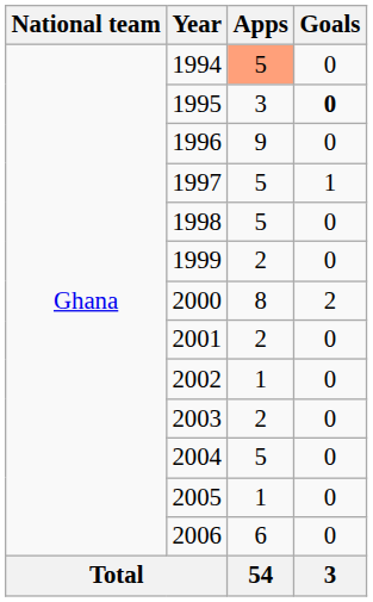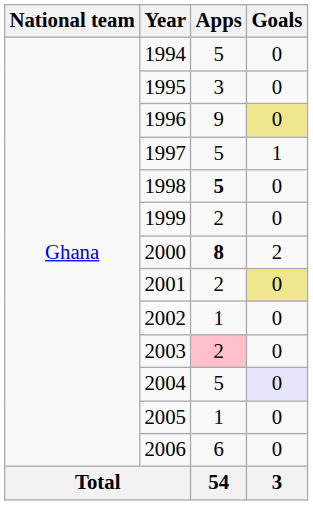 <table class="wikitable" style="text-align:center">
 <tr>
 <th>National team</th>
 <th>Year</th>
 <th>Apps</th>
 <th>Goals</th>
 </tr>
 <tr>
 <td rowspan="13"><a href='#'>Ghana</a></td>
 <td>1994</td>
-<td style="background: lightsalmon;">5</td>
+<td>5</td>
 <td>0</td>
 </tr>
 <tr>
 <td>1995</td>
 <td>3</td>
-<td><strong>0</strong></td>
+<td>0</td>
 </tr>
 <tr>
 <td>1996</td>
 <td>9</td>
-<td>0</td>
+<td style="background: khaki;">0</td>
 </tr>
 <tr>
 <td>1997</td>
 <td>5</td>
 <td>1</td>
 </tr>
 <tr>
 <td>1998</td>
-<td>5</td>
+<td><strong>5</strong></td>
 <td>0</td>
 </tr>
 <tr>
 <td>1999</td>
 <td>2</td>
 <td>0</td>
 </tr>
 <tr>
 <td>2000</td>
-<td>8</td>
+<td><strong>8</strong></td>
 <td>2</td>
 </tr>
 <tr>
 <td>2001</td>
 <td>2</td>
-<td>0</td>
+<td style="background: khaki;">0</td>
 </tr>
 <tr>
 <td>2002</td>
 <td>1</td>
 <td>0</td>
 </tr>
 <tr>
 <td>2003</td>
-<td>2</td>
+<td style="background: pink;">2</td>
 <td>0</td>
 </tr>
 <tr>
 <td>2004</td>
 <td>5</td>
-<td>0</td>
+<td style="background: lavender;">0</td>
 </tr>
 <tr>
 <td>2005</td>
 <td>1</td>
 <td>0</td>
 </tr>
 <tr>
 <td>2006</td>
 <td>6</td>
 <td>0</td>
 </tr>
 <tr>
 <th colspan="2">Total</th>
 <th>54</th>
 <th>3</th>
 </tr>
 </table>
